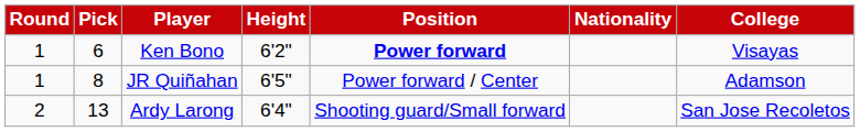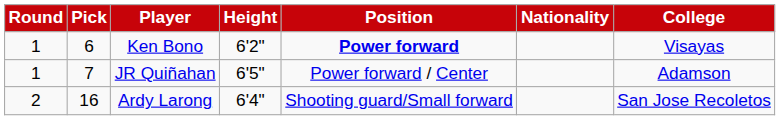 <table class="wikitable sortable sortable">
 <tr>
 <th style="background:#C70309; color:#FFFFFF; ">Round</th>
 <th style="background:#C70309; color:#FFFFFF; ">Pick</th>
 <th style="background:#C70309; color:#FFFFFF; ">Player</th>
 <th style="background:#C70309; color:#FFFFFF; ">Height</th>
 <th style="background:#C70309; color:#FFFFFF; ">Position</th>
 <th style="background:#C70309; color:#FFFFFF; ">Nationality</th>
 <th style="background:#C70309; color:#FFFFFF; ">College</th>
 </tr>
 <tr style="text-align: center">
 <td>1</td>
 <td>6</td>
 <td><a href='#'>Ken Bono</a></td>
 <td>6'2"</td>
 <td><strong><a href='#'>Power forward</a></strong></td>
 <td></td>
 <td><a href='#'>Visayas</a></td>
 </tr>
 <tr style="text-align: center">
 <td>1</td>
-<td>8</td>
+<td>7</td>
 <td><a href='#'>JR Quiñahan</a></td>
 <td>6'5"</td>
 <td><a href='#'>Power forward</a> / <a href='#'>Center</a></td>
 <td></td>
 <td><a href='#'>Adamson</a></td>
 </tr>
 <tr style="text-align: center">
 <td>2</td>
-<td>13</td>
+<td>16</td>
 <td><a href='#'>Ardy Larong</a></td>
 <td>6'4"</td>
 <td><a href='#'>Shooting guard/Small forward</a></td>
 <td></td>
 <td><a href='#'>San Jose Recoletos</a></td>
 </tr>
 </table>
